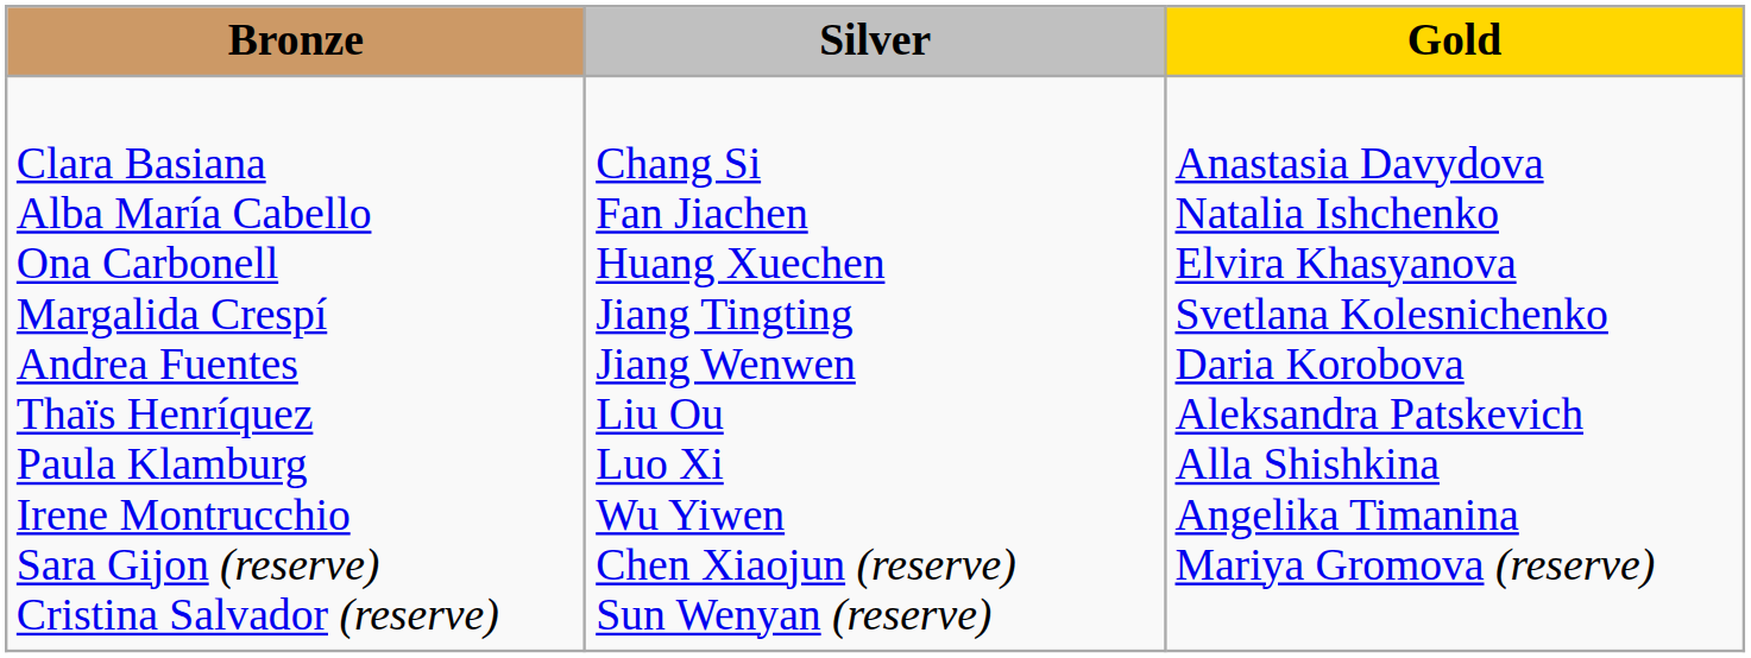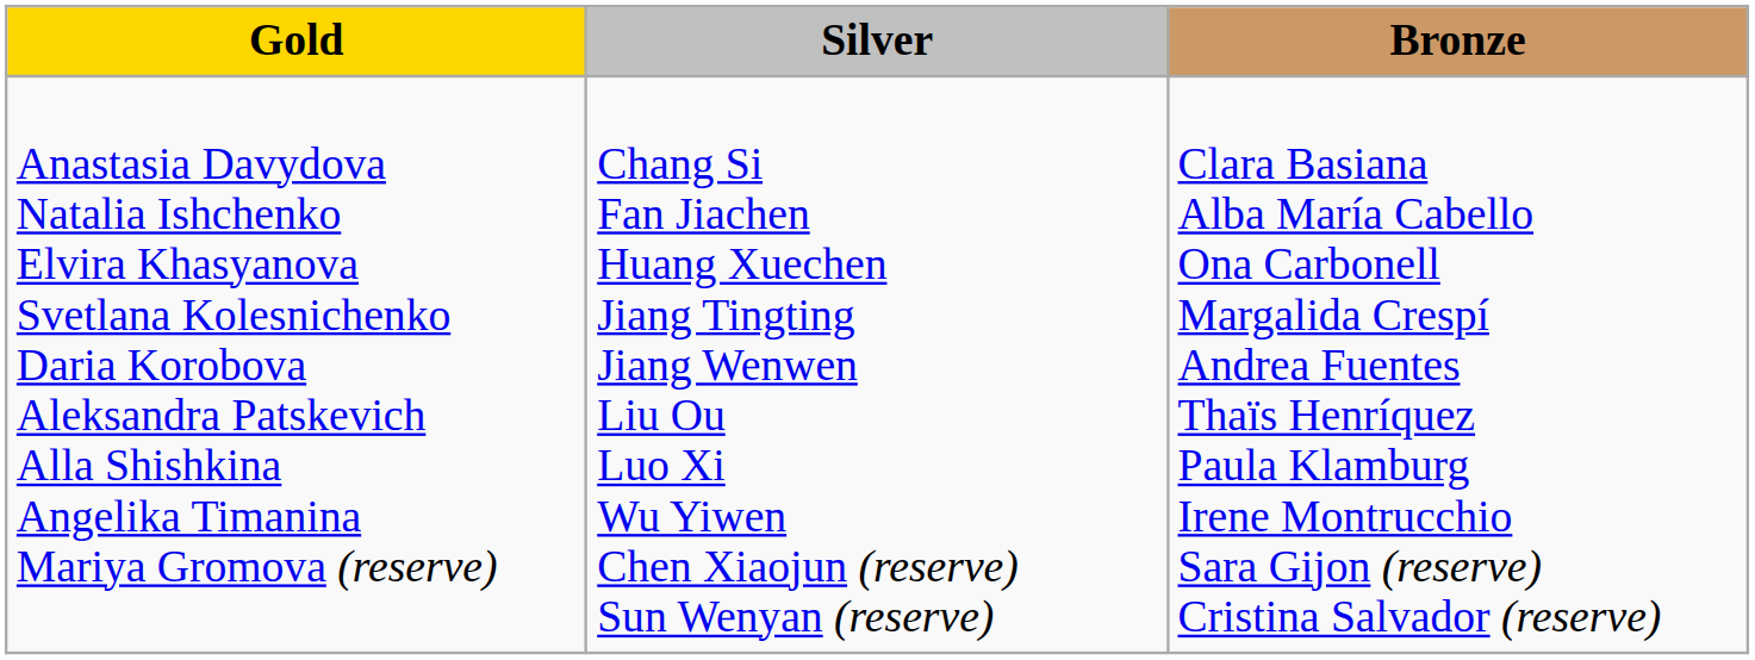 <table class="wikitable" style="text-align:left">
 <tr align="center">
+<td width=200 bgcolor=gold><strong>Gold</strong></td>
+<td width=200 bgcolor=silver><strong>Silver</strong></td>
 <td width=200 bgcolor=CC9966><strong>Bronze</strong></td>
-<td width=200 bgcolor=silver><strong>Silver</strong></td>
-<td width=200 bgcolor=gold><strong>Gold</strong></td>
 </tr>
 <tr>
+<td><br><a href='#'>Anastasia Davydova</a><br><a href='#'>Natalia Ishchenko</a><br><a href='#'>Elvira Khasyanova</a><br><a href='#'>Svetlana Kolesnichenko</a><br><a href='#'>Daria Korobova</a><br><a href='#'>Aleksandra Patskevich</a><br><a href='#'>Alla Shishkina</a><br><a href='#'>Angelika Timanina</a><br><a href='#'>Mariya Gromova</a> <em>(reserve)</em><br><br></td>
+<td><br><a href='#'>Chang Si</a><br><a href='#'>Fan Jiachen</a><br><a href='#'>Huang Xuechen</a><br><a href='#'>Jiang Tingting</a><br><a href='#'>Jiang Wenwen</a><br><a href='#'>Liu Ou</a><br><a href='#'>Luo Xi</a><br><a href='#'>Wu Yiwen</a><br><a href='#'>Chen Xiaojun</a> <em>(reserve)</em><br><a href='#'>Sun Wenyan</a> <em>(reserve)</em></td>
 <td><br><a href='#'>Clara Basiana</a><br><a href='#'>Alba María Cabello</a><br><a href='#'>Ona Carbonell</a><br><a href='#'>Margalida Crespí</a><br><a href='#'>Andrea Fuentes</a><br><a href='#'>Thaïs Henríquez</a><br><a href='#'>Paula Klamburg</a><br><a href='#'>Irene Montrucchio</a><br><a href='#'>Sara Gijon</a> <em>(reserve)</em><br><a href='#'>Cristina Salvador</a> <em>(reserve)</em></td>
-<td><br><a href='#'>Chang Si</a><br><a href='#'>Fan Jiachen</a><br><a href='#'>Huang Xuechen</a><br><a href='#'>Jiang Tingting</a><br><a href='#'>Jiang Wenwen</a><br><a href='#'>Liu Ou</a><br><a href='#'>Luo Xi</a><br><a href='#'>Wu Yiwen</a><br><a href='#'>Chen Xiaojun</a> <em>(reserve)</em><br><a href='#'>Sun Wenyan</a> <em>(reserve)</em></td>
-<td><br><a href='#'>Anastasia Davydova</a><br><a href='#'>Natalia Ishchenko</a><br><a href='#'>Elvira Khasyanova</a><br><a href='#'>Svetlana Kolesnichenko</a><br><a href='#'>Daria Korobova</a><br><a href='#'>Aleksandra Patskevich</a><br><a href='#'>Alla Shishkina</a><br><a href='#'>Angelika Timanina</a><br><a href='#'>Mariya Gromova</a> <em>(reserve)</em><br><br></td>
 </tr>
 </table>
